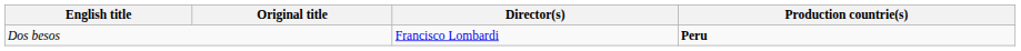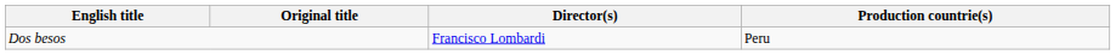 <table class="sortable wikitable" style="width:100%; margin-bottom:4px" cellpadding="5">
 <tr>
 <th scope="col">English title</th>
 <th scope="col">Original title</th>
 <th scope="col">Director(s)</th>
 <th scope="col">Production countrie(s)</th>
 </tr>
 <tr>
 <td colspan = "2"><em>Dos besos</em></td>
 <td><a href='#'>Francisco Lombardi</a></td>
-<td><strong>Peru</strong></td>
+<td>Peru</td>
 </tr>
 </table>
